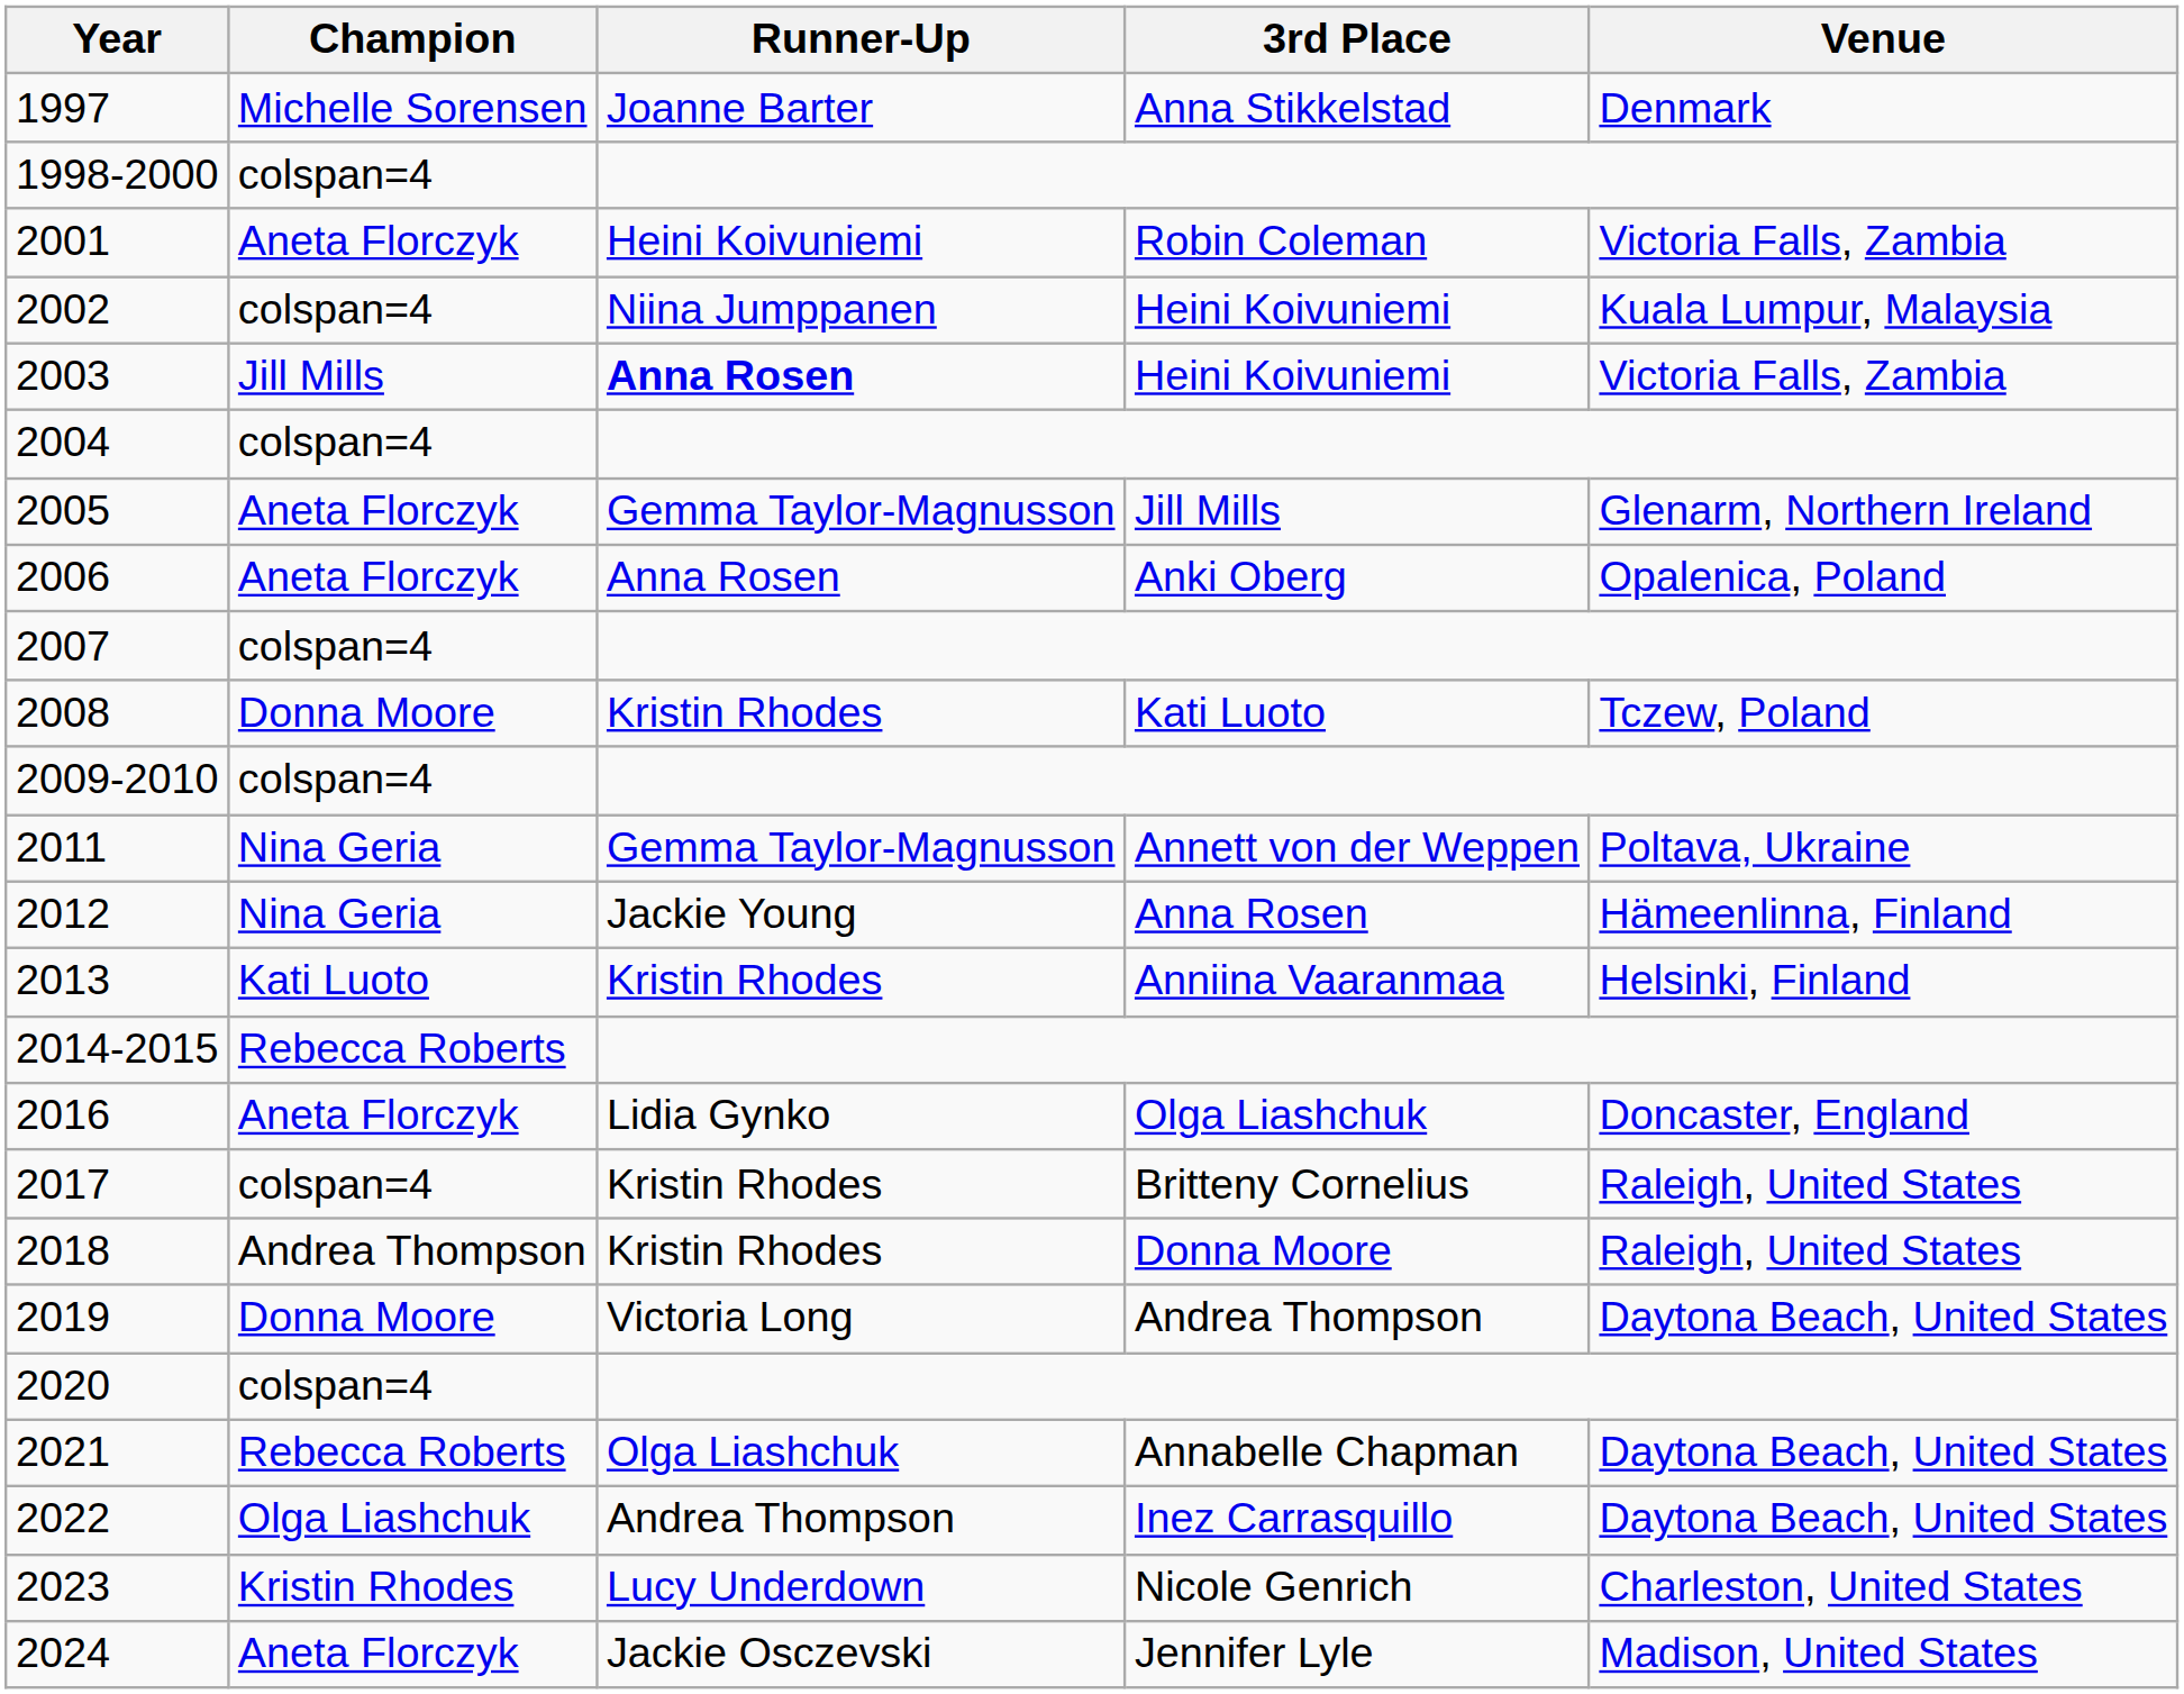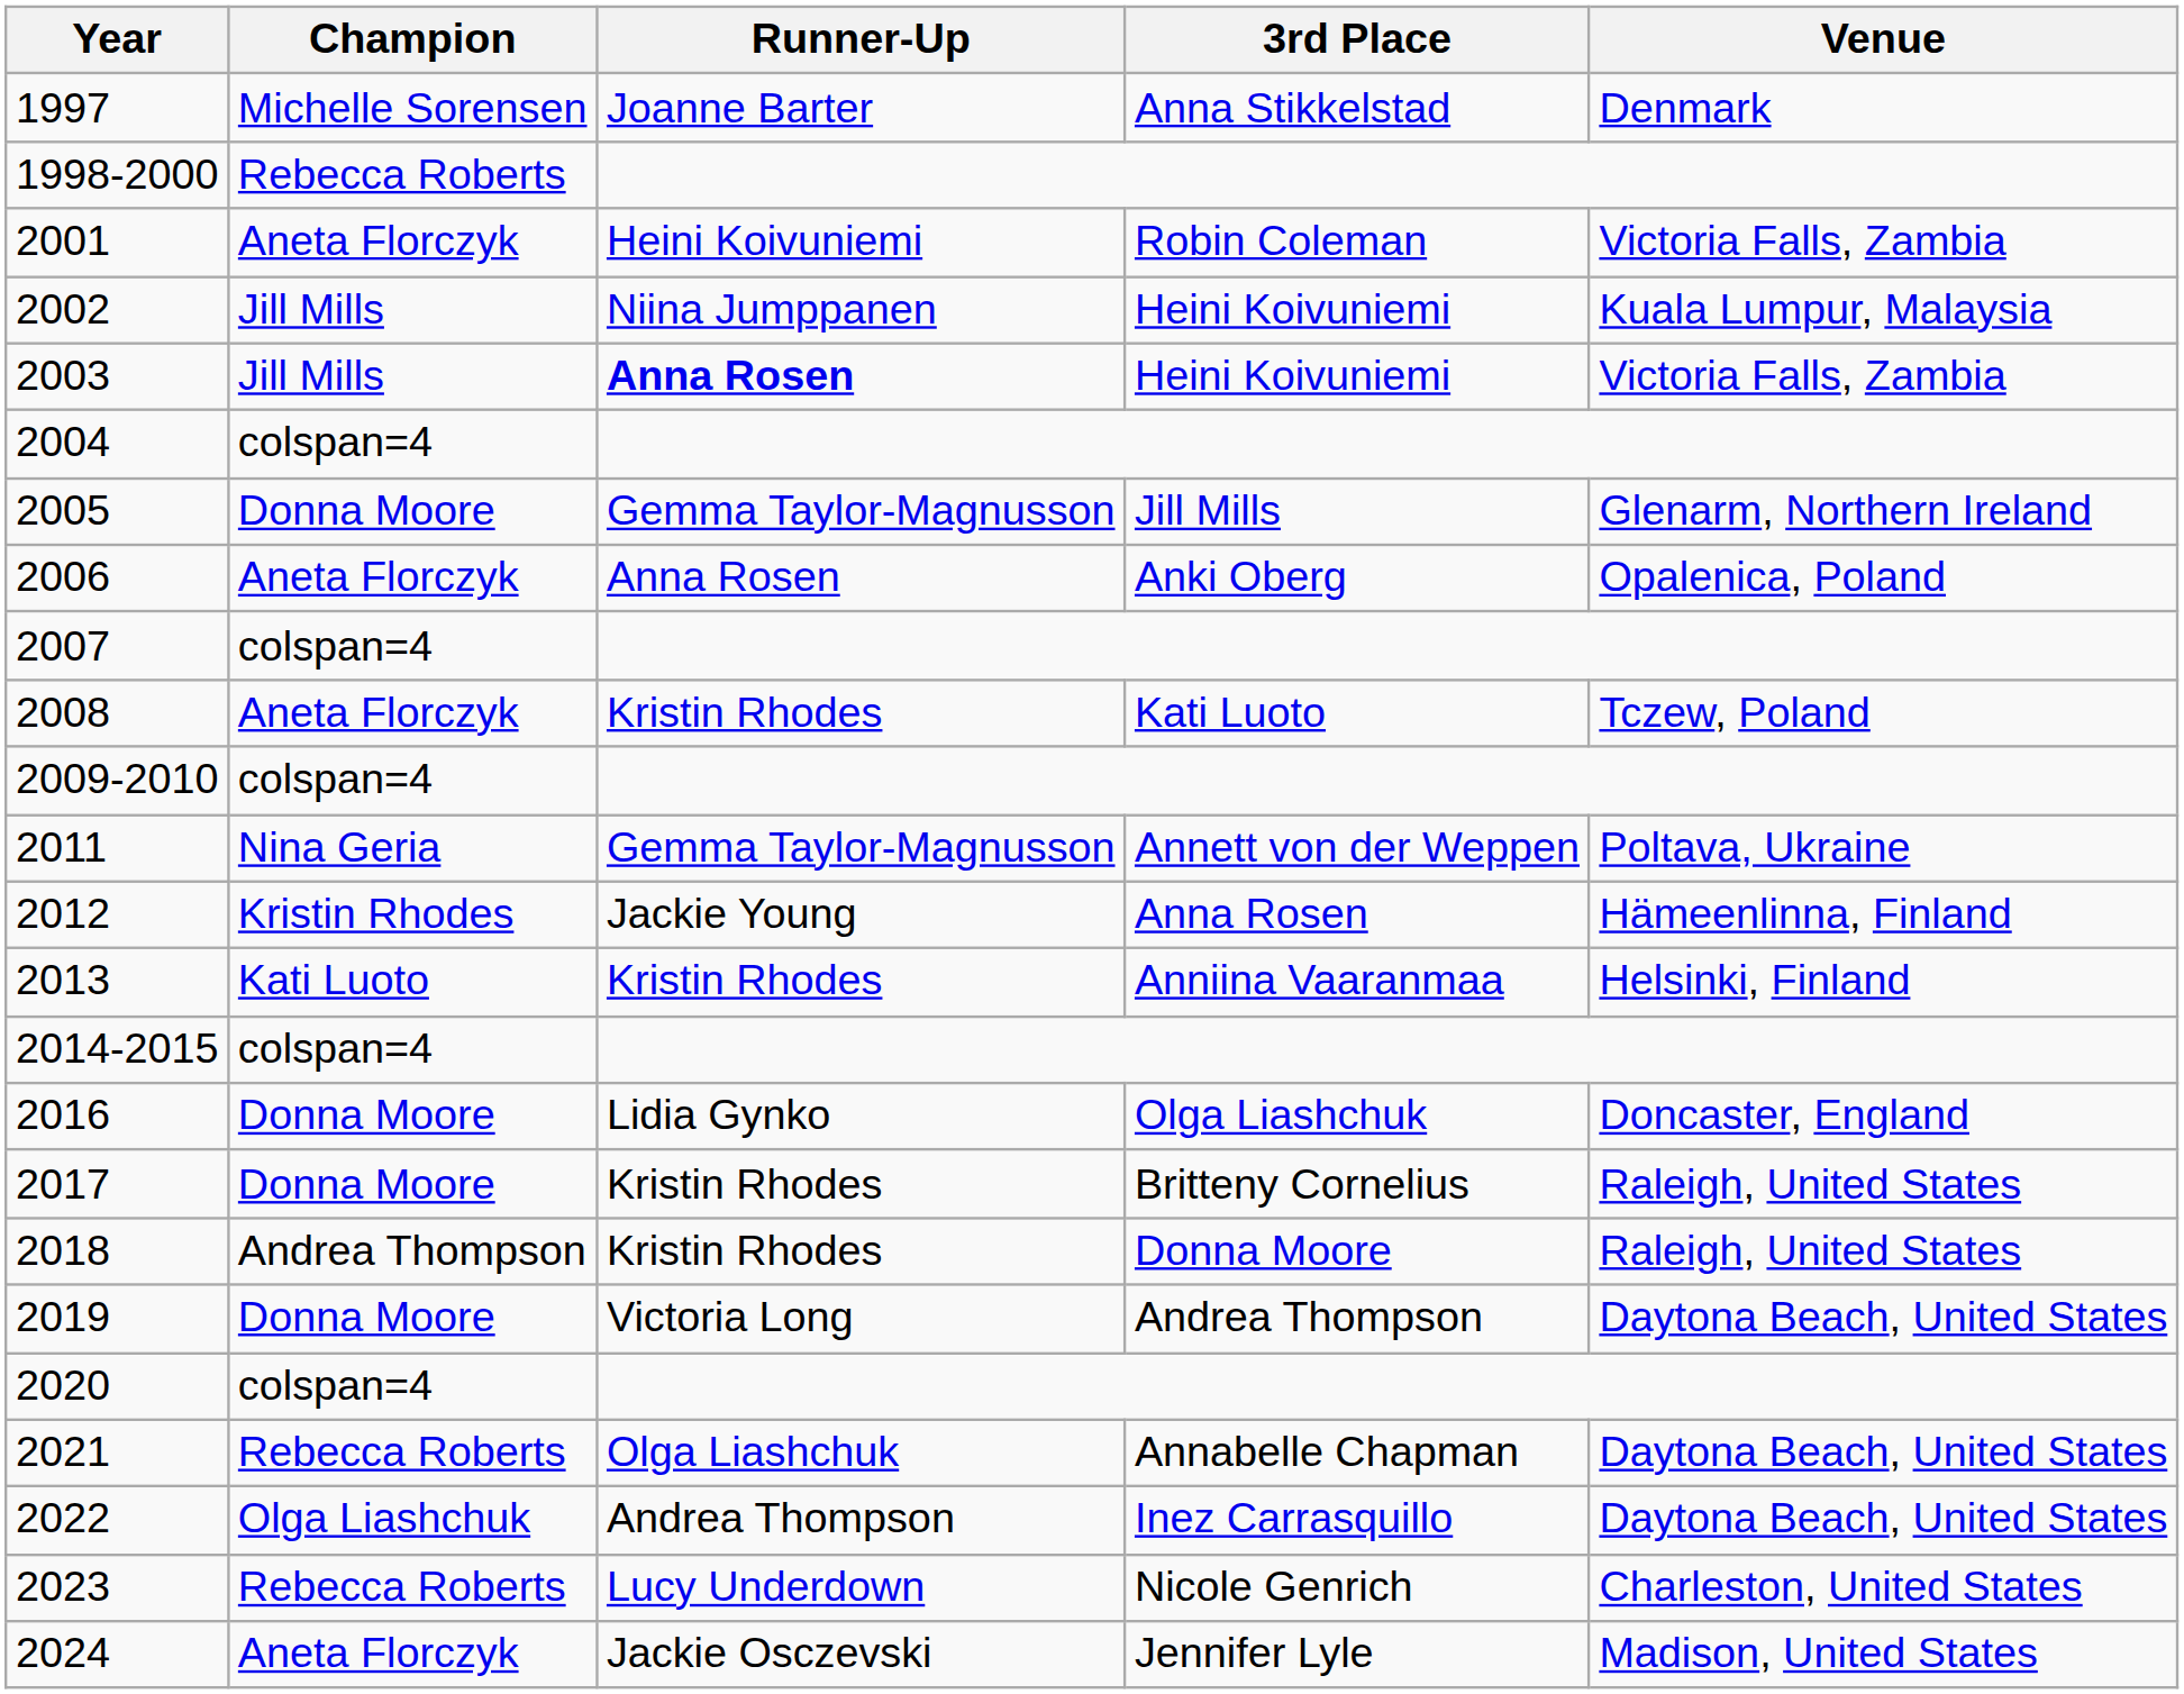 <table class="wikitable sortable" style="display: inline-table">
 <tr>
 <th>Year</th>
 <th>Champion</th>
 <th>Runner-Up</th>
 <th>3rd Place</th>
 <th>Venue</th>
 </tr>
 <tr>
 <td>1997</td>
 <td> <a href='#'>Michelle Sorensen</a></td>
 <td> <a href='#'>Joanne Barter</a></td>
 <td> <a href='#'>Anna Stikkelstad</a></td>
 <td> <a href='#'>Denmark</a></td>
 </tr>
 <tr>
 <td>1998-2000</td>
-<td>colspan=4 </td>
+<td> <a href='#'>Rebecca Roberts</a></td>
 </tr>
 <tr>
 <td>2001</td>
 <td> <a href='#'>Aneta Florczyk </a></td>
 <td> <a href='#'>Heini Koivuniemi</a></td>
 <td> <a href='#'>Robin Coleman</a></td>
 <td> <a href='#'>Victoria Falls</a>, <a href='#'>Zambia</a></td>
 </tr>
 <tr>
 <td>2002</td>
-<td>colspan=4 </td>
+<td> <a href='#'>Jill Mills</a></td>
 <td> <a href='#'>Niina Jumppanen</a></td>
 <td> <a href='#'>Heini Koivuniemi</a></td>
 <td> <a href='#'>Kuala Lumpur</a>, <a href='#'>Malaysia</a></td>
 </tr>
 <tr>
 <td>2003</td>
 <td> <a href='#'>Jill Mills</a></td>
 <td><strong> <a href='#'>Anna Rosen</a></strong></td>
 <td> <a href='#'>Heini Koivuniemi</a></td>
 <td> <a href='#'>Victoria Falls</a>, <a href='#'>Zambia</a></td>
 </tr>
 <tr>
 <td>2004</td>
 <td>colspan=4 </td>
 </tr>
 <tr>
 <td>2005</td>
-<td> <a href='#'>Aneta Florczyk</a></td>
+<td> <a href='#'>Donna Moore</a></td>
 <td> <a href='#'>Gemma Taylor-Magnusson</a></td>
 <td> <a href='#'>Jill Mills</a></td>
 <td> <a href='#'>Glenarm</a>, <a href='#'>Northern Ireland</a></td>
 </tr>
 <tr>
 <td>2006</td>
 <td> <a href='#'>Aneta Florczyk</a></td>
 <td> <a href='#'>Anna Rosen</a></td>
 <td> <a href='#'>Anki Oberg</a></td>
 <td> <a href='#'>Opalenica</a>, <a href='#'>Poland</a></td>
 </tr>
 <tr>
 <td>2007</td>
 <td>colspan=4 </td>
 </tr>
 <tr>
 <td>2008</td>
-<td> <a href='#'>Donna Moore</a></td>
+<td> <a href='#'>Aneta Florczyk</a></td>
 <td> <a href='#'>Kristin Rhodes</a></td>
 <td> <a href='#'>Kati Luoto</a></td>
 <td> <a href='#'>Tczew</a>, <a href='#'>Poland</a></td>
 </tr>
 <tr>
 <td>2009-2010</td>
 <td>colspan=4 </td>
 </tr>
 <tr>
 <td>2011</td>
 <td> <a href='#'>Nina Geria</a></td>
 <td> <a href='#'>Gemma Taylor-Magnusson</a></td>
 <td> <a href='#'>Annett von der Weppen</a></td>
 <td> <a href='#'>Poltava, Ukraine</a></td>
 </tr>
 <tr>
 <td>2012</td>
-<td> <a href='#'>Nina Geria</a></td>
+<td> <a href='#'>Kristin Rhodes</a></td>
 <td> Jackie Young</td>
 <td> <a href='#'>Anna Rosen</a></td>
 <td> <a href='#'>Hämeenlinna</a>, <a href='#'>Finland</a></td>
 </tr>
 <tr>
 <td>2013</td>
 <td> <a href='#'>Kati Luoto</a></td>
 <td> <a href='#'>Kristin Rhodes</a></td>
 <td> <a href='#'>Anniina Vaaranmaa</a></td>
 <td> <a href='#'>Helsinki</a>, <a href='#'>Finland</a></td>
 </tr>
 <tr>
 <td>2014-2015</td>
-<td> <a href='#'>Rebecca Roberts</a></td>
+<td>colspan=4 </td>
 </tr>
 <tr>
 <td>2016</td>
-<td> <a href='#'>Aneta Florczyk</a></td>
+<td> <a href='#'>Donna Moore</a></td>
 <td> Lidia Gynko</td>
 <td> <a href='#'>Olga Liashchuk</a></td>
 <td> <a href='#'>Doncaster</a>, <a href='#'>England</a></td>
 </tr>
 <tr>
 <td>2017</td>
-<td>colspan=4 </td>
+<td> <a href='#'>Donna Moore</a></td>
 <td> Kristin Rhodes</td>
 <td> Britteny Cornelius</td>
 <td> <a href='#'>Raleigh</a>, <a href='#'>United States</a></td>
 </tr>
 <tr>
 <td>2018</td>
 <td> Andrea Thompson</td>
 <td> Kristin Rhodes</td>
 <td {Flag icon> <a href='#'>Donna Moore</a></td>
 <td> <a href='#'>Raleigh</a>, <a href='#'>United States</a></td>
 </tr>
 <tr>
 <td>2019</td>
 <td> <a href='#'>Donna Moore</a></td>
 <td> Victoria Long</td>
 <td> Andrea Thompson</td>
 <td> <a href='#'>Daytona Beach</a>, <a href='#'>United States</a></td>
 </tr>
 <tr>
 <td>2020</td>
 <td>colspan=4 </td>
 </tr>
 <tr>
 <td>2021</td>
 <td> <a href='#'>Rebecca Roberts</a></td>
 <td> <a href='#'>Olga Liashchuk</a></td>
 <td> Annabelle Chapman</td>
 <td> <a href='#'>Daytona Beach</a>, <a href='#'>United States</a></td>
 </tr>
 <tr>
 <td>2022</td>
 <td> <a href='#'>Olga Liashchuk</a></td>
 <td> Andrea Thompson</td>
 <td> <a href='#'>Inez Carrasquillo</a></td>
 <td> <a href='#'>Daytona Beach</a>, <a href='#'>United States</a></td>
 </tr>
 <tr>
 <td>2023</td>
-<td> <a href='#'>Kristin Rhodes</a></td>
+<td> <a href='#'>Rebecca Roberts</a></td>
 <td> <a href='#'>Lucy Underdown</a></td>
 <td> Nicole Genrich</td>
 <td> <a href='#'>Charleston</a>, <a href='#'>United States</a></td>
 </tr>
 <tr>
 <td>2024</td>
 <td> <a href='#'>Aneta Florczyk </a></td>
 <td> Jackie Osczevski</td>
 <td> Jennifer Lyle</td>
 <td> <a href='#'>Madison</a>, <a href='#'>United States</a></td>
 </tr>
 </table>
